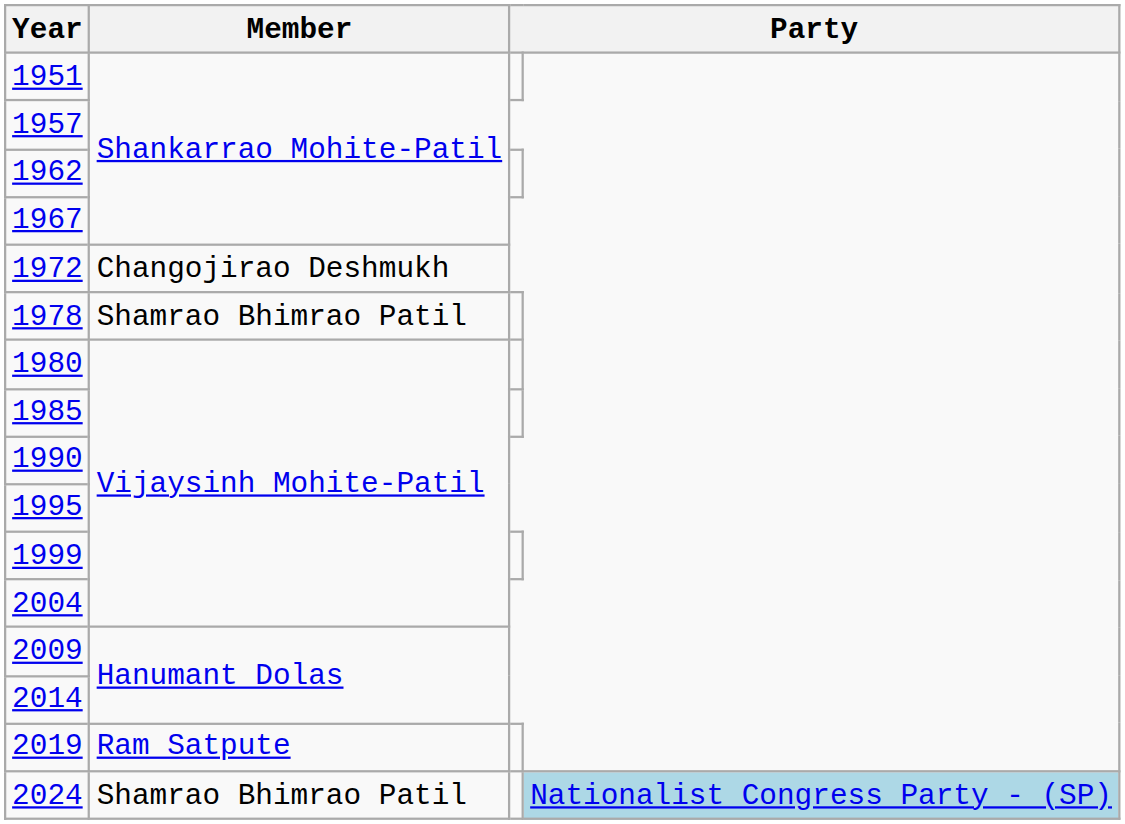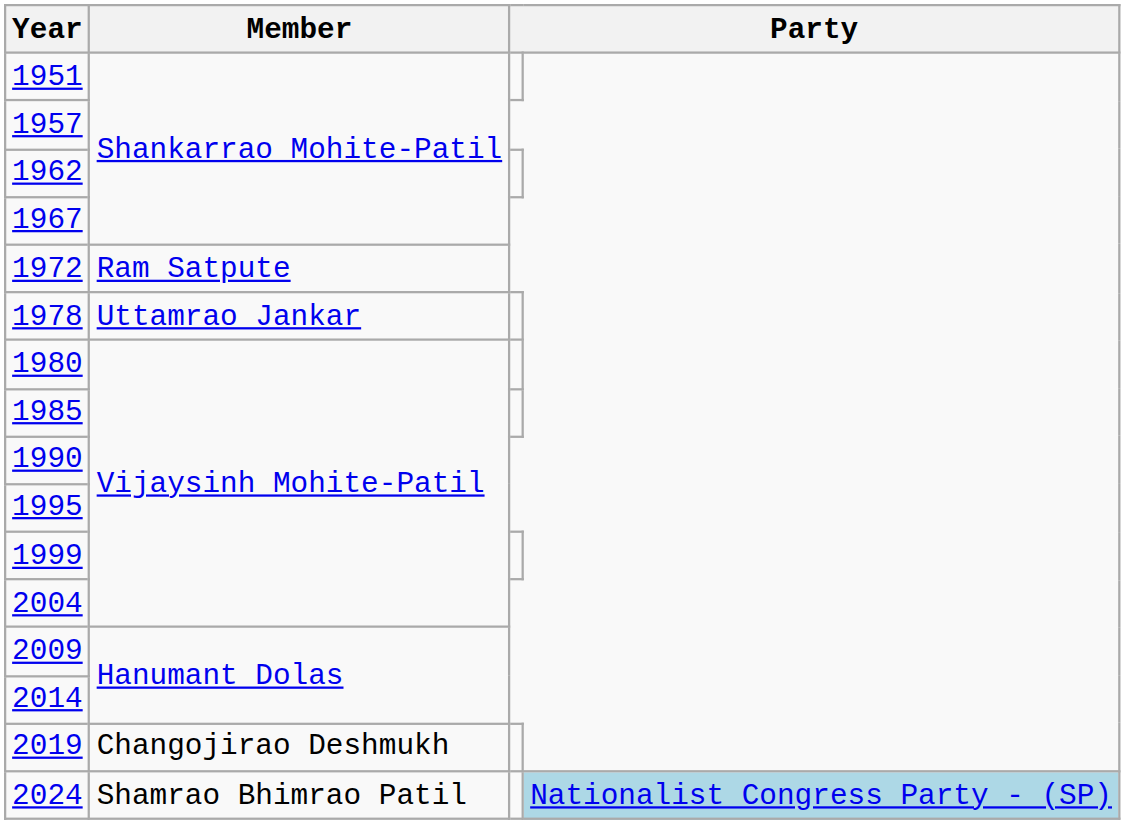 <table class="wikitable">
 <tr>
 <th>Year</th>
 <th>Member</th>
 <th colspan="2">Party</th>
 </tr>
 <tr>
 <td><a href='#'>1951</a></td>
 <td rowspan="4"><a href='#'>Shankarrao Mohite-Patil</a></td>
 <td></td>
 </tr>
 <tr>
 <td><a href='#'>1957</a></td>
 </tr>
 <tr>
 <td><a href='#'>1962</a></td>
 <td></td>
 </tr>
 <tr>
 <td><a href='#'>1967</a></td>
 </tr>
 <tr>
 <td><a href='#'>1972</a></td>
-<td>Changojirao Deshmukh</td>
+<td><a href='#'>Ram Satpute</a></td>
 </tr>
 <tr>
 <td><a href='#'>1978</a></td>
-<td>Shamrao Bhimrao Patil</td>
+<td><a href='#'>Uttamrao Jankar</a></td>
 <td></td>
 </tr>
 <tr>
 <td><a href='#'>1980</a></td>
 <td rowspan="6"><a href='#'>Vijaysinh Mohite-Patil</a></td>
 <td></td>
 </tr>
 <tr>
 <td><a href='#'>1985</a></td>
 <td></td>
 </tr>
 <tr>
 <td><a href='#'>1990</a></td>
 </tr>
 <tr>
 <td><a href='#'>1995</a></td>
 </tr>
 <tr>
 <td><a href='#'>1999</a></td>
 <td></td>
 </tr>
 <tr>
 <td><a href='#'>2004</a></td>
 </tr>
 <tr>
 <td><a href='#'>2009</a></td>
 <td rowspan="2"><a href='#'>Hanumant Dolas</a></td>
 </tr>
 <tr>
 <td><a href='#'>2014</a></td>
 </tr>
 <tr>
 <td><a href='#'>2019</a></td>
-<td><a href='#'>Ram Satpute</a></td>
+<td>Changojirao Deshmukh</td>
 <td></td>
 </tr>
 <tr>
 <td><a href='#'>2024</a></td>
 <td>Shamrao Bhimrao Patil</td>
 <td style="background-color: "></td>
 <td style="background: lightblue;"><a href='#'>Nationalist Congress Party - (SP)</a></td>
 </tr>
 </table>
